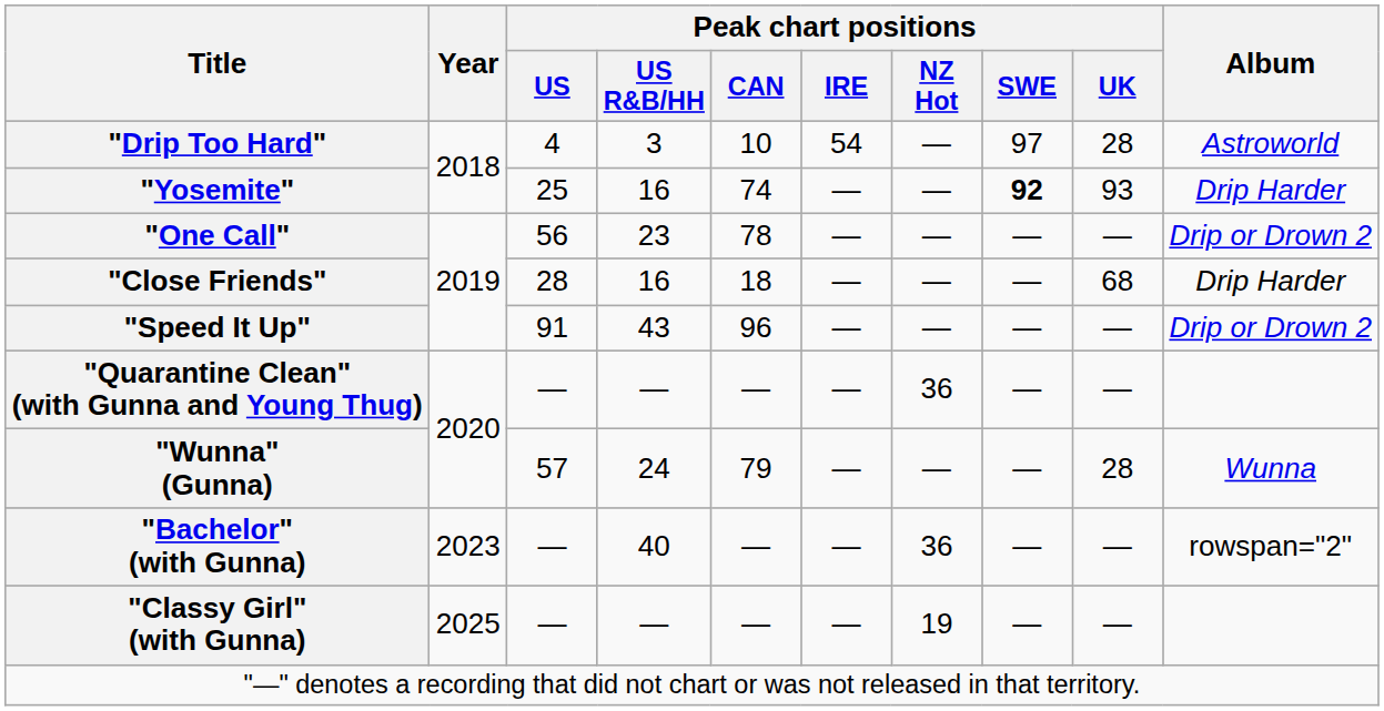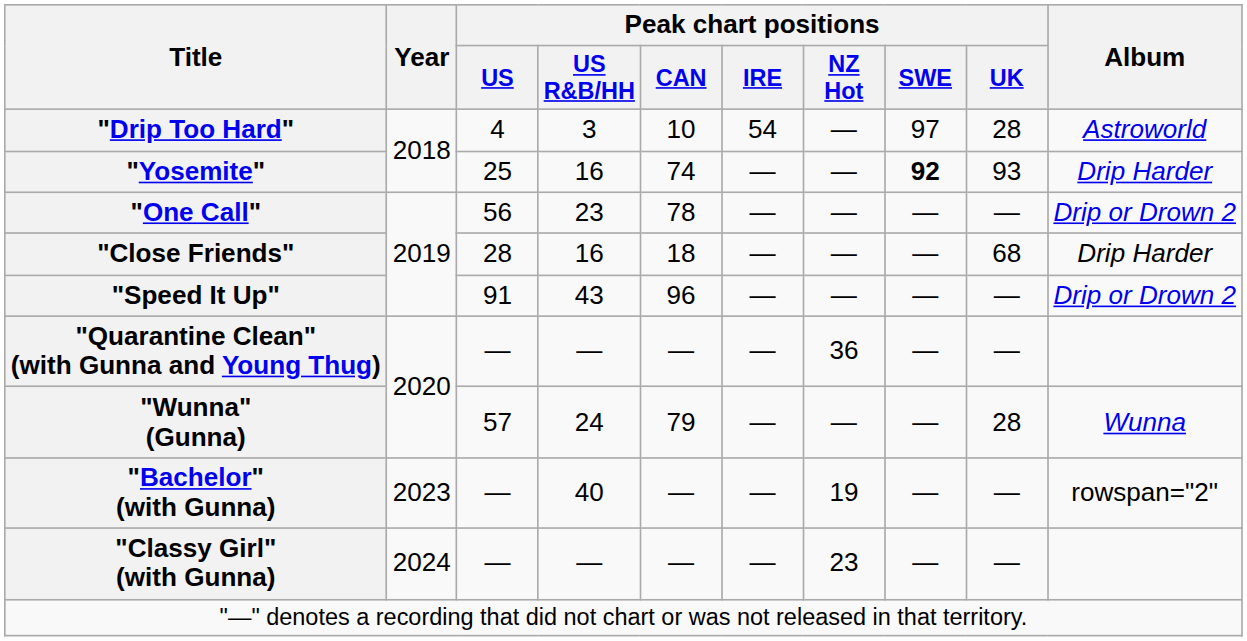 <table class="wikitable plainrowheaders" style="text-align:center;">
 <tr>
 <th rowspan="2">Title</th>
 <th rowspan="2">Year</th>
 <th colspan="7">Peak chart positions</th>
 <th rowspan="2">Album</th>
 </tr>
 <tr>
 <th scope="col" style="width:3em;font-size:90%;"><a href='#'>US</a></th>
 <th scope="col" style="width:3em;font-size:90%;"><a href='#'>US</a><br><a href='#'>R&B/HH</a></th>
 <th scope="col" style="width:3em;font-size:90%;"><a href='#'>CAN</a></th>
 <th scope="col" style="width:3em;font-size:90%;"><a href='#'>IRE</a></th>
 <th scope="col" style="width:3em;font-size:90%;"><a href='#'>NZ<br>Hot</a></th>
 <th scope="col" style="width:3em;font-size:90%;"><a href='#'>SWE</a></th>
 <th scope="col" style="width:3em;font-size:90%;"><a href='#'>UK</a></th>
 </tr>
 <tr>
 <th scope="row">"<a href='#'>Drip Too Hard</a>"<br></th>
 <td rowspan="2">2018</td>
 <td>4</td>
 <td>3</td>
 <td>10</td>
 <td>54</td>
 <td>—</td>
 <td>97</td>
 <td>28</td>
 <td><em><a href='#'>Astroworld</a></em></td>
 </tr>
 <tr>
 <th scope="row">"<a href='#'>Yosemite</a>"<br></th>
 <td>25</td>
 <td>16</td>
 <td>74</td>
 <td>—</td>
 <td>—</td>
 <td><strong>92</strong></td>
 <td>93</td>
 <td><em><a href='#'>Drip Harder</a></em></td>
 </tr>
 <tr>
 <th scope="row">"<a href='#'>One Call</a>"<br></th>
 <td rowspan="3">2019</td>
 <td>56</td>
 <td>23</td>
 <td>78</td>
 <td>—</td>
 <td>—</td>
 <td>—</td>
 <td>—</td>
 <td><em><a href='#'>Drip or Drown 2</a></em></td>
 </tr>
 <tr>
 <th scope="row">"Close Friends"<br></th>
 <td>28</td>
 <td>16</td>
 <td>18</td>
 <td>—</td>
 <td>—</td>
 <td>—</td>
 <td>68</td>
 <td><em>Drip Harder</em></td>
 </tr>
 <tr>
 <th scope="row">"Speed It Up"<br></th>
 <td>91</td>
 <td>43</td>
 <td>96</td>
 <td>—</td>
 <td>—</td>
 <td>—</td>
 <td>—</td>
 <td><em><a href='#'>Drip or Drown 2</a></em></td>
 </tr>
 <tr>
 <th scope="row">"Quarantine Clean"<br><span> (with Gunna and <a href='#'>Young Thug</a>)</span></th>
 <td rowspan="2">2020</td>
 <td>—</td>
 <td>—</td>
 <td>—</td>
 <td>—</td>
 <td>36<br></td>
 <td>—</td>
 <td>—</td>
 <td></td>
 </tr>
 <tr>
 <th scope="row">"Wunna"<br><span> (Gunna)</span></th>
 <td>57</td>
 <td>24</td>
 <td>79</td>
 <td>—</td>
 <td>—</td>
 <td>—</td>
 <td>28</td>
 <td><em><a href='#'>Wunna</a></em></td>
 </tr>
 <tr>
 <th scope="row">"<a href='#'>Bachelor</a>"<br><span> (with Gunna)</span></th>
 <td>2023</td>
 <td>—</td>
 <td>40</td>
 <td>—</td>
 <td>—</td>
-<td>36<br></td>
+<td>19<br></td>
 <td>—</td>
 <td>—</td>
 <td>rowspan="2" </td>
 </tr>
 <tr>
 <th scope="row">"Classy Girl"<br><span> (with Gunna)</span></th>
-<td>2025</td>
+<td>2024</td>
 <td>—</td>
 <td>—</td>
 <td>—</td>
 <td>—</td>
-<td>19<br></td>
+<td>23<br></td>
 <td>—</td>
 <td>—</td>
 </tr>
 <tr>
 <td colspan="17" style="font-size:90%">"—" denotes a recording that did not chart or was not released in that territory.</td>
 </tr>
 </table>
